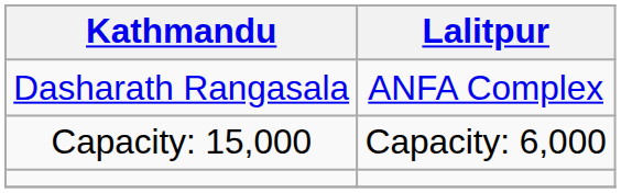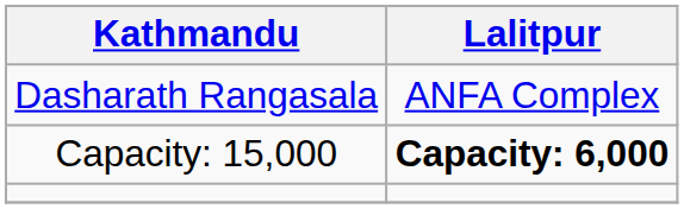 <table class="wikitable" style="text-align:center">
 <tr>
 <th><a href='#'>Kathmandu</a></th>
 <th><a href='#'>Lalitpur</a></th>
 </tr>
 <tr>
 <td><a href='#'>Dasharath Rangasala</a></td>
 <td><a href='#'>ANFA Complex</a></td>
 </tr>
 <tr>
 <td>Capacity: 15,000</td>
-<td>Capacity: 6,000</td>
+<td><strong>Capacity: 6,000</strong></td>
 </tr>
 <tr>
 <td></td>
 <td></td>
 </tr>
 <tr>
 </tr>
 </table>
